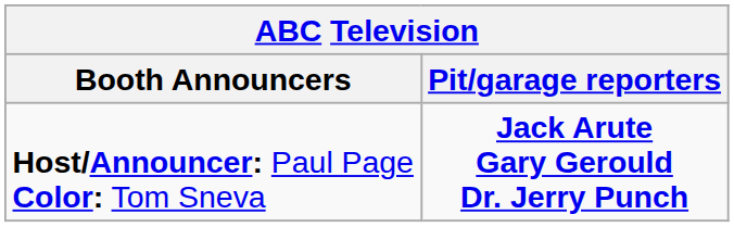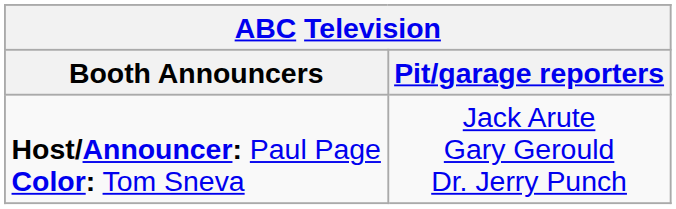 <table class="wikitable" style="font-size: 95%;">
 <tr>
 <th colspan=2><a href='#'>ABC</a> <a href='#'>Television</a></th>
 </tr>
 <tr>
 <th>Booth Announcers</th>
 <th><a href='#'>Pit/garage reporters</a></th>
 </tr>
 <tr>
 <td valign="top"><br><strong>Host/<a href='#'>Announcer</a>:</strong> <a href='#'>Paul Page</a><br> <strong><a href='#'>Color</a>:</strong> <a href='#'>Tom Sneva</a><br></td>
-<td align="center" valign="top"><strong><a href='#'>Jack Arute</a><br><a href='#'>Gary Gerould</a><br><a href='#'>Dr. Jerry Punch</a></strong></td>
+<td align="center" valign="top"><a href='#'>Jack Arute</a><br><a href='#'>Gary Gerould</a><br><a href='#'>Dr. Jerry Punch</a></td>
 </tr>
 </table>
